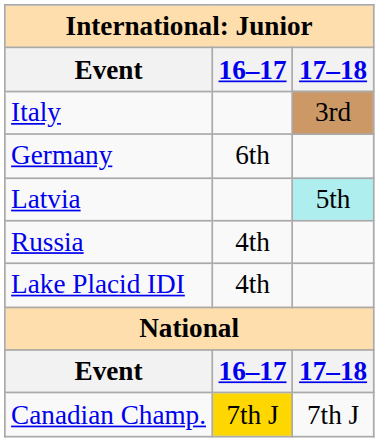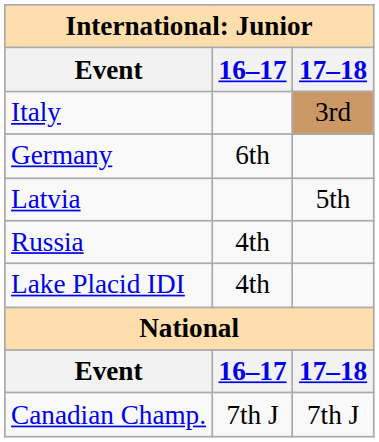 <table class="wikitable" style="text-align:center">
 <tr>
 <th colspan="3" style="background-color: #ffdead; " align="center">International: Junior</th>
 </tr>
 <tr>
 <th>Event</th>
 <th><a href='#'>16–17</a></th>
 <th><a href='#'>17–18</a></th>
 </tr>
 <tr>
 <td align=left> <a href='#'>Italy</a></td>
 <td></td>
 <td bgcolor=cc9966>3rd</td>
 </tr>
 <tr>
 <td align=left> <a href='#'>Germany</a></td>
 <td>6th</td>
 <td></td>
 </tr>
 <tr>
 <td align=left> <a href='#'>Latvia</a></td>
 <td></td>
-<td style="background: paleturquoise;">5th</td>
+<td>5th</td>
 </tr>
 <tr>
 <td align=left> <a href='#'>Russia</a></td>
 <td>4th</td>
 <td></td>
 </tr>
 <tr>
 <td align=left><a href='#'>Lake Placid IDI</a></td>
 <td>4th</td>
 <td></td>
 </tr>
 <tr>
 <th colspan="3" style="background-color: #ffdead; " align="center">National</th>
 </tr>
 <tr>
 <th>Event</th>
 <th><a href='#'>16–17</a></th>
 <th><a href='#'>17–18</a></th>
 </tr>
 <tr>
 <td align=left><a href='#'>Canadian Champ.</a></td>
-<td style="background: gold;">7th J</td>
+<td>7th J</td>
 <td>7th J</td>
 </tr>
 </table>
